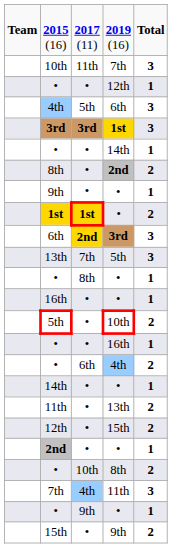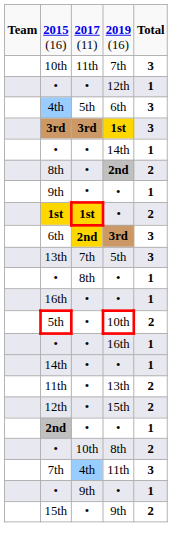 <table class="wikitable shortable" style="text-align:center; font-size:90%">
 <tr>
 <td><strong>Team</strong></td>
 <td><br><strong><a href='#'>2015</a></strong><br>(16)</td>
 <td><br><strong><a href='#'>2017</a></strong><br>(11)</td>
 <td><br><strong><a href='#'>2019</a></strong><br>(16)</td>
 <td><strong>Total</strong></td>
 </tr>
 <tr bgcolor=#ffffff>
 <td align=left></td>
 <td>10th</td>
 <td>11th</td>
 <td>7th</td>
 <td><strong>3</strong></td>
 </tr>
 <tr bgcolor=#e8e8f0>
 <td align=left></td>
 <td>•</td>
 <td>•</td>
 <td>12th</td>
 <td><strong>1</strong></td>
 </tr>
 <tr bgcolor=#ffffff>
 <td align=left></td>
 <td bgcolor="9acdff">4th</td>
 <td>5th</td>
 <td>6th</td>
 <td><strong>3</strong></td>
 </tr>
 <tr bgcolor=#e8e8f0>
 <td align=left></td>
 <td bgcolor="cc9966"><strong>3rd</strong></td>
 <td bgcolor="cc9966"><strong>3rd</strong></td>
 <td bgcolor="gold"><strong>1st</strong></td>
 <td><strong>3</strong></td>
 </tr>
 <tr bgcolor=#ffffff>
 <td align=left></td>
 <td>•</td>
 <td>•</td>
 <td>14th</td>
 <td><strong>1</strong></td>
 </tr>
 <tr bgcolor=#e8e8f0>
 <td align=left></td>
 <td>8th</td>
 <td>•</td>
 <td bgcolor="silver"><strong>2nd</strong></td>
 <td><strong>2</strong></td>
 </tr>
 <tr bgcolor=#ffffff>
 <td align=left></td>
 <td>9th</td>
 <td>•</td>
 <td>•</td>
 <td><strong>1</strong></td>
 </tr>
 <tr bgcolor=#e8e8f0>
 <td align=left></td>
 <td bgcolor="gold"><strong>1st</strong></td>
 <td style="border:3px solid red" bgcolor="gold"><strong>1st</strong></td>
 <td>•</td>
 <td><strong>2</strong></td>
 </tr>
 <tr bgcolor=#ffffff>
 <td align=left></td>
 <td>6th</td>
 <td bgcolor="gold"><strong>2nd</strong></td>
 <td bgcolor="cc9966"><strong>3rd</strong></td>
 <td><strong>3</strong></td>
 </tr>
 <tr bgcolor=#e8e8f0>
 <td align=left></td>
 <td>13th</td>
 <td>7th</td>
 <td>5th</td>
 <td><strong>3</strong></td>
 </tr>
 <tr bgcolor=#ffffff>
 <td align=left></td>
 <td>•</td>
 <td>8th</td>
 <td>•</td>
 <td><strong>1</strong></td>
 </tr>
 <tr bgcolor=#e8e8f0>
 <td align=left></td>
 <td>16th</td>
 <td>•</td>
 <td>•</td>
 <td><strong>1</strong></td>
 </tr>
 <tr bgcolor=#ffffff>
 <td align=left></td>
 <td style="border:3px solid red">5th</td>
 <td>•</td>
 <td style="border:3px solid red">10th</td>
 <td><strong>2</strong></td>
 </tr>
 <tr bgcolor=#e8e8f0>
 <td align=left></td>
 <td>•</td>
 <td>•</td>
 <td>16th</td>
 <td><strong>1</strong></td>
 </tr>
-<tr bgcolor=#ffffff>
-<td align=left></td>
-<td>•</td>
-<td>6th</td>
-<td bgcolor="9acdff">4th</td>
-<td><strong>2</strong></td>
-</tr>
 <tr bgcolor=#e8e8f0>
 <td align=left></td>
 <td>14th</td>
 <td>•</td>
 <td>•</td>
 <td><strong>1</strong></td>
 </tr>
 <tr bgcolor=#ffffff>
 <td align=left></td>
 <td>11th</td>
 <td>•</td>
 <td>13th</td>
 <td><strong>2</strong></td>
 </tr>
 <tr bgcolor=#e8e8f0>
 <td align=left></td>
 <td>12th</td>
 <td>•</td>
 <td>15th</td>
 <td><strong>2</strong></td>
 </tr>
 <tr bgcolor=#ffffff>
 <td align=left></td>
 <td bgcolor="silver"><strong>2nd</strong></td>
 <td>•</td>
 <td>•</td>
 <td><strong>1</strong></td>
 </tr>
 <tr bgcolor=#e8e8f0>
 <td align=left></td>
 <td>•</td>
 <td>10th</td>
 <td>8th</td>
 <td><strong>2</strong></td>
 </tr>
 <tr bgcolor=#ffffff>
 <td align=left></td>
 <td>7th</td>
 <td bgcolor="9acdff">4th</td>
 <td>11th</td>
 <td><strong>3</strong></td>
 </tr>
 <tr bgcolor=#e8e8f0>
 <td align=left></td>
 <td>•</td>
 <td>9th</td>
 <td>•</td>
 <td><strong>1</strong></td>
 </tr>
 <tr bgcolor=#ffffff>
 <td align=left></td>
 <td>15th</td>
 <td>•</td>
 <td>9th</td>
 <td><strong>2</strong></td>
 </tr>
 </table>
